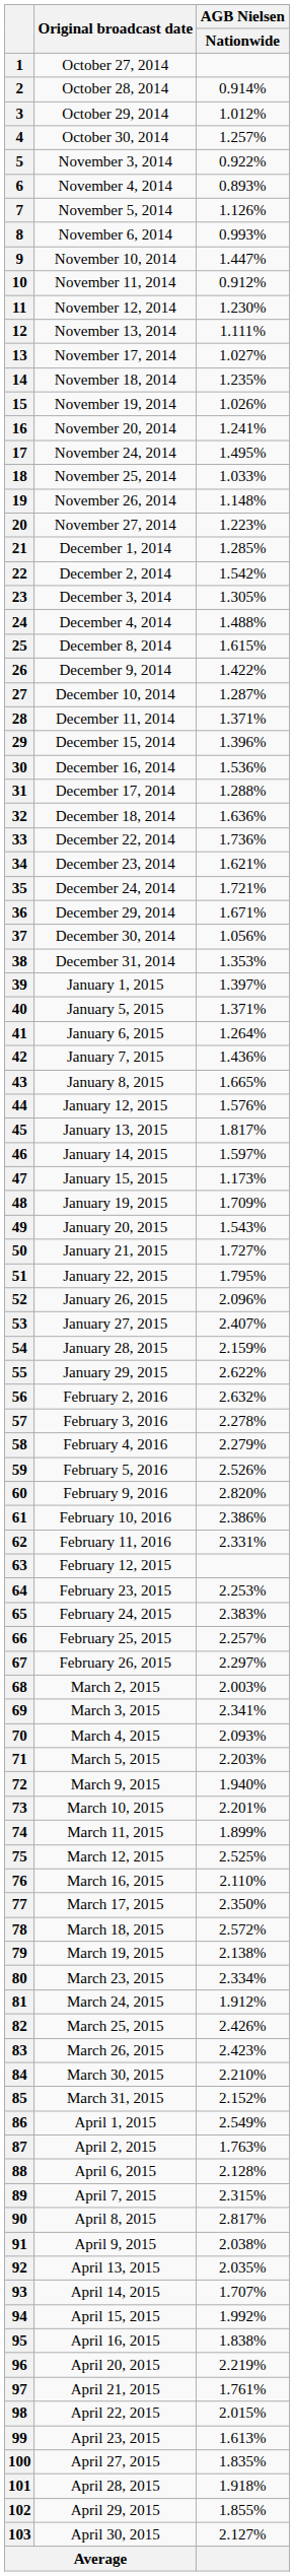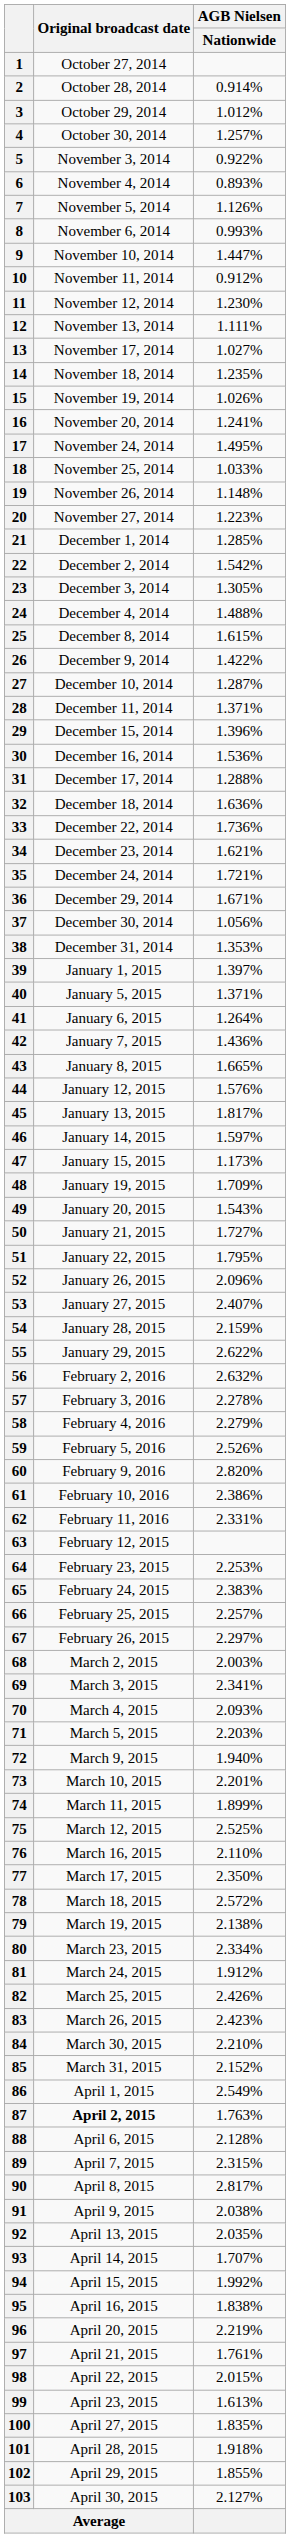 <table class="wikitable" style="text-align:center">
 <tr>
 <th rowspan="3"></th>
 <th rowspan="3">Original broadcast date</th>
 </tr>
 <tr>
 <th colspan="2">AGB Nielsen</th>
 </tr>
 <tr>
 <th width="90">Nationwide</th>
 </tr>
 <tr>
 <th>1</th>
 <td>October 27, 2014</td>
 <td></td>
 </tr>
 <tr>
 <th>2</th>
 <td>October 28, 2014</td>
 <td>0.914%</td>
 </tr>
 <tr>
 <th>3</th>
 <td>October 29, 2014</td>
 <td>1.012%</td>
 </tr>
 <tr>
 <th>4</th>
 <td>October 30, 2014</td>
 <td>1.257%</td>
 </tr>
 <tr>
 <th>5</th>
 <td>November 3, 2014</td>
 <td>0.922%</td>
 </tr>
 <tr>
 <th>6</th>
 <td>November 4, 2014</td>
 <td>0.893%</td>
 </tr>
 <tr>
 <th>7</th>
 <td>November 5, 2014</td>
 <td>1.126%</td>
 </tr>
 <tr>
 <th>8</th>
 <td>November 6, 2014</td>
 <td>0.993%</td>
 </tr>
 <tr>
 <th>9</th>
 <td>November 10, 2014</td>
 <td>1.447%</td>
 </tr>
 <tr>
 <th>10</th>
 <td>November 11, 2014</td>
 <td>0.912%</td>
 </tr>
 <tr>
 <th>11</th>
 <td>November 12, 2014</td>
 <td>1.230%</td>
 </tr>
 <tr>
 <th>12</th>
 <td>November 13, 2014</td>
 <td>1.111%</td>
 </tr>
 <tr>
 <th>13</th>
 <td>November 17, 2014</td>
 <td>1.027%</td>
 </tr>
 <tr>
 <th>14</th>
 <td>November 18, 2014</td>
 <td>1.235%</td>
 </tr>
 <tr>
 <th>15</th>
 <td>November 19, 2014</td>
 <td>1.026%</td>
 </tr>
 <tr>
 <th>16</th>
 <td>November 20, 2014</td>
 <td>1.241%</td>
 </tr>
 <tr>
 <th>17</th>
 <td>November 24, 2014</td>
 <td>1.495%</td>
 </tr>
 <tr>
 <th>18</th>
 <td>November 25, 2014</td>
 <td>1.033%</td>
 </tr>
 <tr>
 <th>19</th>
 <td>November 26, 2014</td>
 <td>1.148%</td>
 </tr>
 <tr>
 <th>20</th>
 <td>November 27, 2014</td>
 <td>1.223%</td>
 </tr>
 <tr>
 <th>21</th>
 <td>December 1, 2014</td>
 <td>1.285%</td>
 </tr>
 <tr>
 <th>22</th>
 <td>December 2, 2014</td>
 <td>1.542%</td>
 </tr>
 <tr>
 <th>23</th>
 <td>December 3, 2014</td>
 <td>1.305%</td>
 </tr>
 <tr>
 <th>24</th>
 <td>December 4, 2014</td>
 <td>1.488%</td>
 </tr>
 <tr>
 <th>25</th>
 <td>December 8, 2014</td>
 <td>1.615%</td>
 </tr>
 <tr>
 <th>26</th>
 <td>December 9, 2014</td>
 <td>1.422%</td>
 </tr>
 <tr>
 <th>27</th>
 <td>December 10, 2014</td>
 <td>1.287%</td>
 </tr>
 <tr>
 <th>28</th>
 <td>December 11, 2014</td>
 <td>1.371%</td>
 </tr>
 <tr>
 <th>29</th>
 <td>December 15, 2014</td>
 <td>1.396%</td>
 </tr>
 <tr>
 <th>30</th>
 <td>December 16, 2014</td>
 <td>1.536%</td>
 </tr>
 <tr>
 <th>31</th>
 <td>December 17, 2014</td>
 <td>1.288%</td>
 </tr>
 <tr>
 <th>32</th>
 <td>December 18, 2014</td>
 <td>1.636%</td>
 </tr>
 <tr>
 <th>33</th>
 <td>December 22, 2014</td>
 <td>1.736%</td>
 </tr>
 <tr>
 <th>34</th>
 <td>December 23, 2014</td>
 <td>1.621%</td>
 </tr>
 <tr>
 <th>35</th>
 <td>December 24, 2014</td>
 <td>1.721%</td>
 </tr>
 <tr>
 <th>36</th>
 <td>December 29, 2014</td>
 <td>1.671%</td>
 </tr>
 <tr>
 <th>37</th>
 <td>December 30, 2014</td>
 <td>1.056%</td>
 </tr>
 <tr>
 <th>38</th>
 <td>December 31, 2014</td>
 <td>1.353%</td>
 </tr>
 <tr>
 <th>39</th>
 <td>January 1, 2015</td>
 <td>1.397%</td>
 </tr>
 <tr>
 <th>40</th>
 <td>January 5, 2015</td>
 <td>1.371%</td>
 </tr>
 <tr>
 <th>41</th>
 <td>January 6, 2015</td>
 <td>1.264%</td>
 </tr>
 <tr>
 <th>42</th>
 <td>January 7, 2015</td>
 <td>1.436%</td>
 </tr>
 <tr>
 <th>43</th>
 <td>January 8, 2015</td>
 <td>1.665%</td>
 </tr>
 <tr>
 <th>44</th>
 <td>January 12, 2015</td>
 <td>1.576%</td>
 </tr>
 <tr>
 <th>45</th>
 <td>January 13, 2015</td>
 <td>1.817%</td>
 </tr>
 <tr>
 <th>46</th>
 <td>January 14, 2015</td>
 <td>1.597%</td>
 </tr>
 <tr>
 <th>47</th>
 <td>January 15, 2015</td>
 <td>1.173%</td>
 </tr>
 <tr>
 <th>48</th>
 <td>January 19, 2015</td>
 <td>1.709%</td>
 </tr>
 <tr>
 <th>49</th>
 <td>January 20, 2015</td>
 <td>1.543%</td>
 </tr>
 <tr>
 <th>50</th>
 <td>January 21, 2015</td>
 <td>1.727%</td>
 </tr>
 <tr>
 <th>51</th>
 <td>January 22, 2015</td>
 <td>1.795%</td>
 </tr>
 <tr>
 <th>52</th>
 <td>January 26, 2015</td>
 <td>2.096%</td>
 </tr>
 <tr>
 <th>53</th>
 <td>January 27, 2015</td>
 <td>2.407%</td>
 </tr>
 <tr>
 <th>54</th>
 <td>January 28, 2015</td>
 <td>2.159%</td>
 </tr>
 <tr>
 <th>55</th>
 <td>January 29, 2015</td>
 <td>2.622%</td>
 </tr>
 <tr>
 <th>56</th>
 <td>February 2, 2016</td>
 <td>2.632%</td>
 </tr>
 <tr>
 <th>57</th>
 <td>February 3, 2016</td>
 <td>2.278%</td>
 </tr>
 <tr>
 <th>58</th>
 <td>February 4, 2016</td>
 <td>2.279%</td>
 </tr>
 <tr>
 <th>59</th>
 <td>February 5, 2016</td>
 <td>2.526%</td>
 </tr>
 <tr>
 <th>60</th>
 <td>February 9, 2016</td>
 <td>2.820%</td>
 </tr>
 <tr>
 <th>61</th>
 <td>February 10, 2016</td>
 <td>2.386%</td>
 </tr>
 <tr>
 <th>62</th>
 <td>February 11, 2016</td>
 <td>2.331%</td>
 </tr>
 <tr>
 <th>63</th>
 <td>February 12, 2015</td>
 <td></td>
 </tr>
 <tr>
 <th>64</th>
 <td>February 23, 2015</td>
 <td>2.253%</td>
 </tr>
 <tr>
 <th>65</th>
 <td>February 24, 2015</td>
 <td>2.383%</td>
 </tr>
 <tr>
 <th>66</th>
 <td>February 25, 2015</td>
 <td>2.257%</td>
 </tr>
 <tr>
 <th>67</th>
 <td>February 26, 2015</td>
 <td>2.297%</td>
 </tr>
 <tr>
 <th>68</th>
 <td>March 2, 2015</td>
 <td>2.003%</td>
 </tr>
 <tr>
 <th>69</th>
 <td>March 3, 2015</td>
 <td>2.341%</td>
 </tr>
 <tr>
 <th>70</th>
 <td>March 4, 2015</td>
 <td>2.093%</td>
 </tr>
 <tr>
 <th>71</th>
 <td>March 5, 2015</td>
 <td>2.203%</td>
 </tr>
 <tr>
 <th>72</th>
 <td>March 9, 2015</td>
 <td>1.940%</td>
 </tr>
 <tr>
 <th>73</th>
 <td>March 10, 2015</td>
 <td>2.201%</td>
 </tr>
 <tr>
 <th>74</th>
 <td>March 11, 2015</td>
 <td>1.899%</td>
 </tr>
 <tr>
 <th>75</th>
 <td>March 12, 2015</td>
 <td>2.525%</td>
 </tr>
 <tr>
 <th>76</th>
 <td>March 16, 2015</td>
 <td>2.110%</td>
 </tr>
 <tr>
 <th>77</th>
 <td>March 17, 2015</td>
 <td>2.350%</td>
 </tr>
 <tr>
 <th>78</th>
 <td>March 18, 2015</td>
 <td>2.572%</td>
 </tr>
 <tr>
 <th>79</th>
 <td>March 19, 2015</td>
 <td>2.138%</td>
 </tr>
 <tr>
 <th>80</th>
 <td>March 23, 2015</td>
 <td>2.334%</td>
 </tr>
 <tr>
 <th>81</th>
 <td>March 24, 2015</td>
 <td>1.912%</td>
 </tr>
 <tr>
 <th>82</th>
 <td>March 25, 2015</td>
 <td>2.426%</td>
 </tr>
 <tr>
 <th>83</th>
 <td>March 26, 2015</td>
 <td>2.423%</td>
 </tr>
 <tr>
 <th>84</th>
 <td>March 30, 2015</td>
 <td>2.210%</td>
 </tr>
 <tr>
 <th>85</th>
 <td>March 31, 2015</td>
 <td>2.152%</td>
 </tr>
 <tr>
 <th>86</th>
 <td>April 1, 2015</td>
 <td>2.549%</td>
 </tr>
 <tr>
 <th>87</th>
-<td>April 2, 2015</td>
+<td><strong>April 2, 2015</strong></td>
 <td>1.763%</td>
 </tr>
 <tr>
 <th>88</th>
 <td>April 6, 2015</td>
 <td>2.128%</td>
 </tr>
 <tr>
 <th>89</th>
 <td>April 7, 2015</td>
 <td>2.315%</td>
 </tr>
 <tr>
 <th>90</th>
 <td>April 8, 2015</td>
 <td>2.817%</td>
 </tr>
 <tr>
 <th>91</th>
 <td>April 9, 2015</td>
 <td>2.038%</td>
 </tr>
 <tr>
 <th>92</th>
 <td>April 13, 2015</td>
 <td>2.035%</td>
 </tr>
 <tr>
 <th>93</th>
 <td>April 14, 2015</td>
 <td>1.707%</td>
 </tr>
 <tr>
 <th>94</th>
 <td>April 15, 2015</td>
 <td>1.992%</td>
 </tr>
 <tr>
 <th>95</th>
 <td>April 16, 2015</td>
 <td>1.838%</td>
 </tr>
 <tr>
 <th>96</th>
 <td>April 20, 2015</td>
 <td>2.219%</td>
 </tr>
 <tr>
 <th>97</th>
 <td>April 21, 2015</td>
 <td>1.761%</td>
 </tr>
 <tr>
 <th>98</th>
 <td>April 22, 2015</td>
 <td>2.015%</td>
 </tr>
 <tr>
 <th>99</th>
 <td>April 23, 2015</td>
 <td>1.613%</td>
 </tr>
 <tr>
 <th>100</th>
 <td>April 27, 2015</td>
 <td>1.835%</td>
 </tr>
 <tr>
 <th>101</th>
 <td>April 28, 2015</td>
 <td>1.918%</td>
 </tr>
 <tr>
 <th>102</th>
 <td>April 29, 2015</td>
 <td>1.855%</td>
 </tr>
 <tr>
 <th>103</th>
 <td>April 30, 2015</td>
 <td>2.127%</td>
 </tr>
 <tr>
 <th colspan="2">Average</th>
 <th></th>
 </tr>
 </table>
